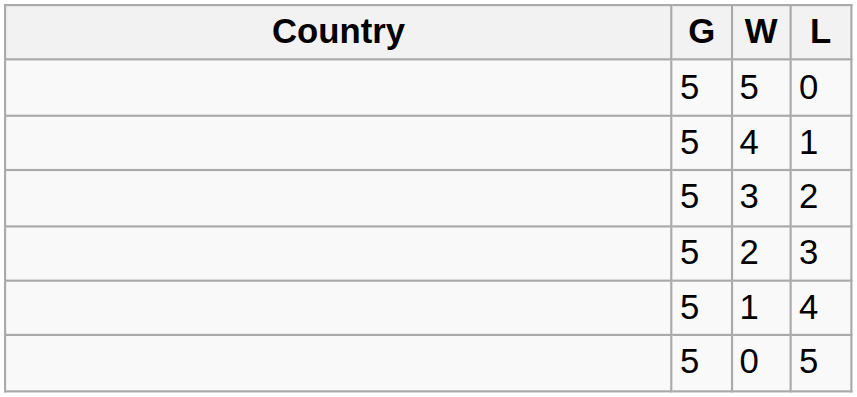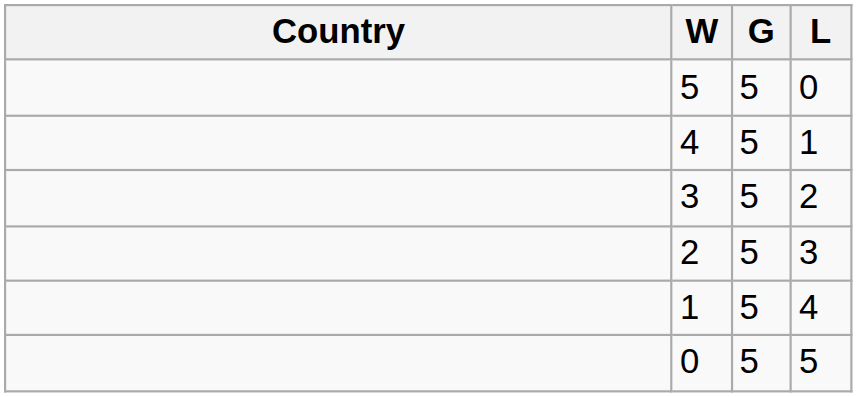 <table class="wikitable">
 <tr>
 <th bgcolor="#efefef" width="300">Country</th>
+<th bgcolor="#efefef" width="20">W</th>
 <th bgcolor="#efefef" width="20">G</th>
-<th bgcolor="#efefef" width="20">W</th>
 <th bgcolor="#efefef" width="20">L</th>
 </tr>
 <tr>
 <td></td>
 <td>5</td>
 <td>5</td>
 <td>0</td>
 </tr>
 <tr>
 <td></td>
+<td>4</td>
 <td>5</td>
-<td>4</td>
 <td>1</td>
 </tr>
 <tr>
 <td></td>
+<td>3</td>
 <td>5</td>
-<td>3</td>
 <td>2</td>
 </tr>
 <tr>
 <td></td>
+<td>2</td>
 <td>5</td>
-<td>2</td>
 <td>3</td>
 </tr>
 <tr>
 <td></td>
+<td>1</td>
 <td>5</td>
-<td>1</td>
 <td>4</td>
 </tr>
 <tr>
 <td></td>
+<td>0</td>
 <td>5</td>
-<td>0</td>
 <td>5</td>
 </tr>
 </table>
